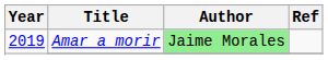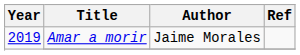 <table class="wikitable sortable">
 <tr>
 <th>Year</th>
 <th>Title</th>
 <th>Author</th>
 <th>Ref</th>
 </tr>
 <tr>
 <td rowspan="4"><a href='#'>2019</a></td>
 <td><em><a href='#'>Amar a morir</a></em></td>
-<td style="background: lightgreen;">Jaime Morales</td>
+<td>Jaime Morales</td>
 <td></td>
 </tr>
 <tr>
 </tr>
 </table>
